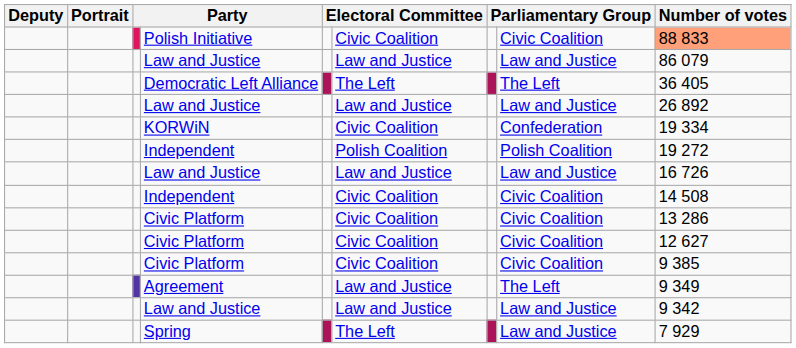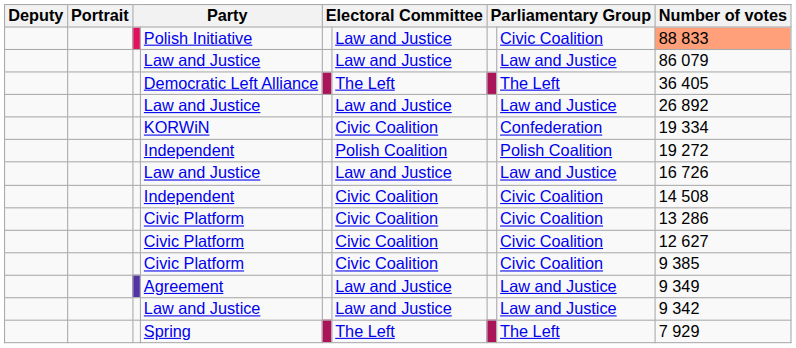 <table class="wikitable sortable" style="font-size:95%;line-height:14px;">
 <tr>
 <th>Deputy</th>
 <th>Portrait</th>
 <th colspan="2">Party</th>
 <th colspan="2">Electoral Committee</th>
 <th colspan="2">Parliamentary Group</th>
 <th>Number of votes</th>
 </tr>
 <tr>
 <td></td>
 <td></td>
 <td style="background:#E0115F;"></td>
 <td><a href='#'>Polish Initiative</a></td>
 <td style="background:"></td>
-<td><a href='#'>Civic Coalition</a></td>
+<td><a href='#'>Law and Justice</a></td>
 <td style="background:"></td>
 <td><a href='#'>Civic Coalition</a></td>
 <td style="background: lightsalmon;">88 833</td>
 </tr>
 <tr>
 <td></td>
 <td></td>
 <td style="background:"></td>
 <td><a href='#'>Law and Justice</a></td>
 <td style="background:"></td>
 <td><a href='#'>Law and Justice</a></td>
 <td style="background:"></td>
 <td><a href='#'>Law and Justice</a></td>
 <td>86 079</td>
 </tr>
 <tr>
 <td></td>
 <td></td>
 <td style="background:"></td>
 <td><a href='#'>Democratic Left Alliance</a></td>
 <td style="background:#AC145A;"></td>
 <td><a href='#'>The Left</a></td>
 <td style="background:#AC145A;"></td>
 <td><a href='#'>The Left</a></td>
 <td>36 405</td>
 </tr>
 <tr>
 <td></td>
 <td></td>
 <td style="background:"></td>
 <td><a href='#'>Law and Justice</a></td>
 <td style="background:"></td>
 <td><a href='#'>Law and Justice</a></td>
 <td style="background:"></td>
 <td><a href='#'>Law and Justice</a></td>
 <td>26 892</td>
 </tr>
 <tr>
 <td></td>
 <td></td>
 <td style="background:"></td>
 <td><a href='#'>KORWiN</a></td>
 <td style="background:"></td>
 <td><a href='#'>Civic Coalition</a></td>
 <td style="background:"></td>
 <td><a href='#'>Confederation</a></td>
 <td>19 334</td>
 </tr>
 <tr>
 <td></td>
 <td></td>
 <td style="background:"></td>
 <td><a href='#'>Independent</a></td>
 <td style="background:"></td>
 <td><a href='#'>Polish Coalition</a></td>
 <td style="background:"></td>
 <td><a href='#'>Polish Coalition</a></td>
 <td>19 272</td>
 </tr>
 <tr>
 <td></td>
 <td></td>
 <td style="background:"></td>
 <td><a href='#'>Law and Justice</a></td>
 <td style="background:"></td>
 <td><a href='#'>Law and Justice</a></td>
 <td style="background:"></td>
 <td><a href='#'>Law and Justice</a></td>
 <td>16 726</td>
 </tr>
 <tr>
 <td></td>
 <td></td>
 <td style="background:"></td>
 <td><a href='#'>Independent</a></td>
 <td style="background:"></td>
 <td><a href='#'>Civic Coalition</a></td>
 <td style="background:"></td>
 <td><a href='#'>Civic Coalition</a></td>
 <td>14 508</td>
 </tr>
 <tr>
 <td></td>
 <td></td>
 <td style="background:"></td>
 <td><a href='#'>Civic Platform</a></td>
 <td style="background:"></td>
 <td><a href='#'>Civic Coalition</a></td>
 <td style="background:"></td>
 <td><a href='#'>Civic Coalition</a></td>
 <td>13 286</td>
 </tr>
 <tr>
 <td></td>
 <td></td>
 <td style="background:"></td>
 <td><a href='#'>Civic Platform</a></td>
 <td style="background:"></td>
 <td><a href='#'>Civic Coalition</a></td>
 <td style="background:"></td>
 <td><a href='#'>Civic Coalition</a></td>
 <td>12 627</td>
 </tr>
 <tr>
 <td></td>
 <td></td>
 <td style="background:"></td>
 <td><a href='#'>Civic Platform</a></td>
 <td style="background:"></td>
 <td><a href='#'>Civic Coalition</a></td>
 <td style="background:"></td>
 <td><a href='#'>Civic Coalition</a></td>
 <td>9 385</td>
 </tr>
 <tr>
 <td></td>
 <td></td>
 <td style="background:#5234A5;"></td>
 <td><a href='#'>Agreement</a></td>
 <td style="background:"></td>
 <td><a href='#'>Law and Justice</a></td>
 <td style="background:"></td>
-<td><a href='#'>The Left</a></td>
+<td><a href='#'>Law and Justice</a></td>
 <td>9 349</td>
 </tr>
 <tr>
 <td></td>
 <td></td>
 <td style="background:"></td>
 <td><a href='#'>Law and Justice</a></td>
 <td style="background:"></td>
 <td><a href='#'>Law and Justice</a></td>
 <td style="background:"></td>
 <td><a href='#'>Law and Justice</a></td>
 <td>9 342</td>
 </tr>
 <tr>
 <td></td>
 <td></td>
 <td style="background:"></td>
 <td><a href='#'>Spring</a></td>
 <td style="background:#AC145A;"></td>
 <td><a href='#'>The Left</a></td>
 <td style="background:#AC145A;"></td>
-<td><a href='#'>Law and Justice</a></td>
+<td><a href='#'>The Left</a></td>
 <td>7 929</td>
 </tr>
 </table>
